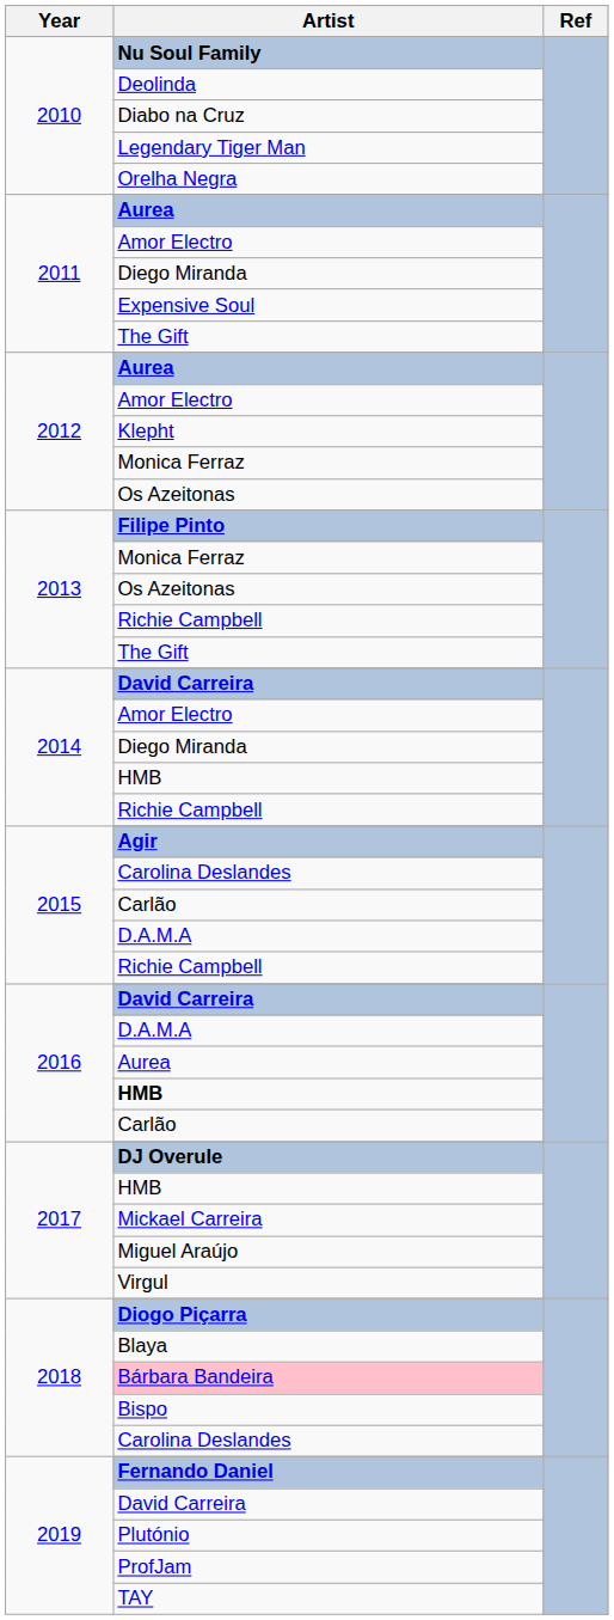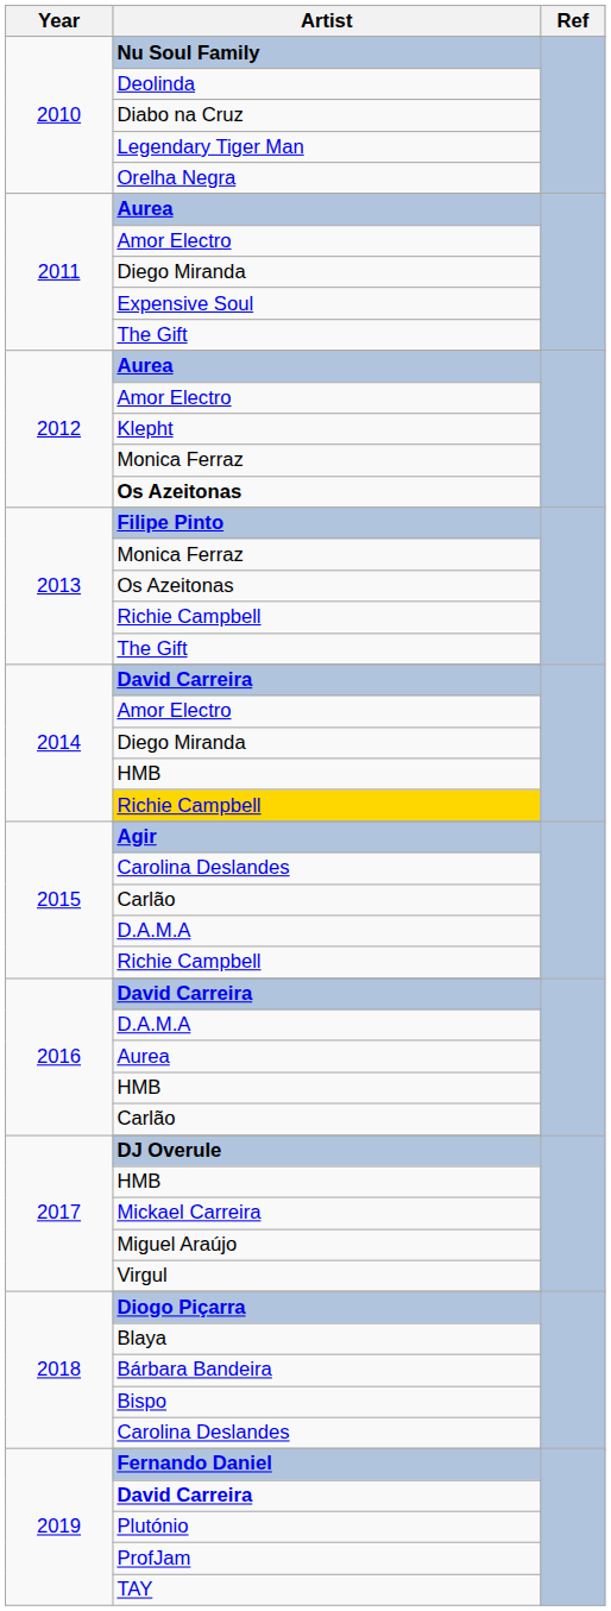 <table class="wikitable" style="width:55%;">
 <tr style="background:#bebebe;">
 <th style="width:10%;">Year</th>
 <th style="width:40%;">Artist</th>
 <th style="width:5%;">Ref</th>
 </tr>
 <tr>
 <td rowspan="6" align="center"><a href='#'>2010</a></td>
 </tr>
 <tr style="background:#B0C4DE">
 <td><strong>Nu Soul Family</strong></td>
 <td rowspan="6" align="center"></td>
 </tr>
 <tr>
 <td><a href='#'>Deolinda</a></td>
 </tr>
 <tr>
 <td>Diabo na Cruz</td>
 </tr>
 <tr>
 <td><a href='#'>Legendary Tiger Man</a></td>
 </tr>
 <tr>
 <td><a href='#'>Orelha Negra</a></td>
 </tr>
 <tr>
 <td rowspan="6" align="center"><a href='#'>2011</a></td>
 </tr>
 <tr style="background:#B0C4DE">
 <td><strong><a href='#'>Aurea</a></strong></td>
 <td rowspan="6" align="center"></td>
 </tr>
 <tr>
 <td><a href='#'>Amor Electro</a></td>
 </tr>
 <tr>
 <td>Diego Miranda</td>
 </tr>
 <tr>
 <td><a href='#'>Expensive Soul</a></td>
 </tr>
 <tr>
 <td><a href='#'>The Gift</a></td>
 </tr>
 <tr>
 <td rowspan="6" align="center"><a href='#'>2012</a></td>
 </tr>
 <tr style="background:#B0C4DE">
 <td><strong><a href='#'>Aurea</a></strong></td>
 <td rowspan="6" align="center"></td>
 </tr>
 <tr>
 <td><a href='#'>Amor Electro</a></td>
 </tr>
 <tr>
 <td><a href='#'>Klepht</a></td>
 </tr>
 <tr>
 <td>Monica Ferraz</td>
 </tr>
 <tr>
-<td>Os Azeitonas</td>
+<td><strong>Os Azeitonas</strong></td>
 </tr>
 <tr>
 <td rowspan="6" align="center"><a href='#'>2013</a></td>
 </tr>
 <tr style="background:#B0C4DE">
 <td><strong><a href='#'>Filipe Pinto</a></strong></td>
 <td rowspan="6" align="center"></td>
 </tr>
 <tr>
 <td>Monica Ferraz</td>
 </tr>
 <tr>
 <td>Os Azeitonas</td>
 </tr>
 <tr>
 <td><a href='#'>Richie Campbell</a></td>
 </tr>
 <tr>
 <td><a href='#'>The Gift</a></td>
 </tr>
 <tr>
 <td rowspan="6" align="center"><a href='#'>2014</a></td>
 </tr>
 <tr style="background:#B0C4DE">
 <td><strong><a href='#'>David Carreira</a></strong></td>
 <td rowspan="6" align="center"></td>
 </tr>
 <tr>
 <td><a href='#'>Amor Electro</a></td>
 </tr>
 <tr>
 <td>Diego Miranda</td>
 </tr>
 <tr>
 <td>HMB</td>
 </tr>
 <tr>
-<td><a href='#'>Richie Campbell</a></td>
+<td style="background: gold;"><a href='#'>Richie Campbell</a></td>
 </tr>
 <tr>
 <td rowspan="6" align="center"><a href='#'>2015</a></td>
 </tr>
 <tr style="background:#B0C4DE">
 <td><strong><a href='#'>Agir</a></strong></td>
 <td rowspan="6" align="center"></td>
 </tr>
 <tr>
 <td><a href='#'>Carolina Deslandes</a></td>
 </tr>
 <tr>
 <td>Carlão</td>
 </tr>
 <tr>
 <td><a href='#'>D.A.M.A</a></td>
 </tr>
 <tr>
 <td><a href='#'>Richie Campbell</a></td>
 </tr>
 <tr>
 <td rowspan="6" align="center"><a href='#'>2016</a></td>
 </tr>
 <tr style="background:#B0C4DE">
 <td><strong><a href='#'>David Carreira</a></strong></td>
 <td rowspan="6" align="center"></td>
 </tr>
 <tr>
 <td><a href='#'>D.A.M.A</a></td>
 </tr>
 <tr>
 <td><a href='#'>Aurea</a></td>
 </tr>
 <tr>
-<td><strong>HMB</strong></td>
+<td>HMB</td>
 </tr>
 <tr>
 <td>Carlão</td>
 </tr>
 <tr>
 <td rowspan="6" align="center"><a href='#'>2017</a></td>
 </tr>
 <tr style="background:#B0C4DE">
 <td><strong>DJ Overule</strong></td>
 <td rowspan="6" align="center"></td>
 </tr>
 <tr>
 <td>HMB</td>
 </tr>
 <tr>
 <td><a href='#'>Mickael Carreira</a></td>
 </tr>
 <tr>
 <td>Miguel Araújo</td>
 </tr>
 <tr>
 <td>Virgul</td>
 </tr>
 <tr>
 <td rowspan="6" align="center"><a href='#'>2018</a></td>
 </tr>
 <tr style="background:#B0C4DE">
 <td><strong><a href='#'>Diogo Piçarra</a></strong></td>
 <td rowspan="6" align="center"></td>
 </tr>
 <tr>
 <td>Blaya</td>
 </tr>
 <tr>
-<td style="background: pink;"><a href='#'>Bárbara Bandeira</a></td>
+<td><a href='#'>Bárbara Bandeira</a></td>
 </tr>
 <tr>
 <td><a href='#'>Bispo</a></td>
 </tr>
 <tr>
 <td><a href='#'>Carolina Deslandes</a></td>
 </tr>
 <tr>
 <td rowspan="6" align="center"><a href='#'>2019</a></td>
 </tr>
 <tr style="background:#B0C4DE">
 <td><strong><a href='#'>Fernando Daniel</a></strong></td>
 <td rowspan="6" align="center"></td>
 </tr>
 <tr>
-<td><a href='#'>David Carreira</a></td>
+<td><strong><a href='#'>David Carreira</a></strong></td>
 </tr>
 <tr>
 <td><a href='#'>Plutónio</a></td>
 </tr>
 <tr>
 <td><a href='#'>ProfJam</a></td>
 </tr>
 <tr>
 <td><a href='#'>TAY</a></td>
 </tr>
 </table>
